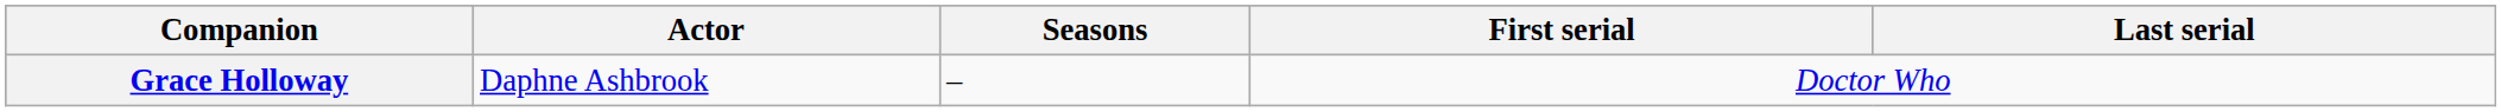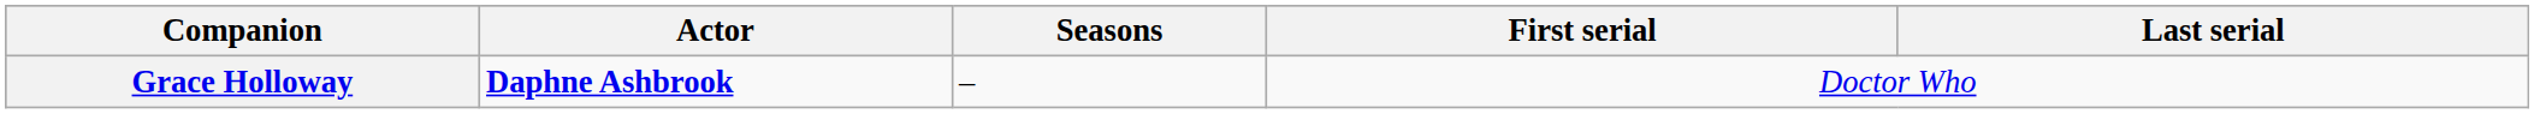 <table class="wikitable plainrowheaders" style="width:100%;">
 <tr>
 <th scope="col" style="width:15%;">Companion</th>
 <th scope="col" style="width:15%;">Actor</th>
 <th scope="col" style="width:10%;">Seasons</th>
 <th scope="col" style="width:20%;">First serial</th>
 <th scope="col" style="width:20%;">Last serial</th>
 </tr>
 <tr>
 <th scope="row"><a href='#'>Grace Holloway</a></th>
-<td><a href='#'>Daphne Ashbrook</a></td>
+<td><strong><a href='#'>Daphne Ashbrook</a></strong></td>
 <td>–</td>
 <td colspan="2" align="center"><em><a href='#'>Doctor Who</a></em></td>
 </tr>
 </table>
